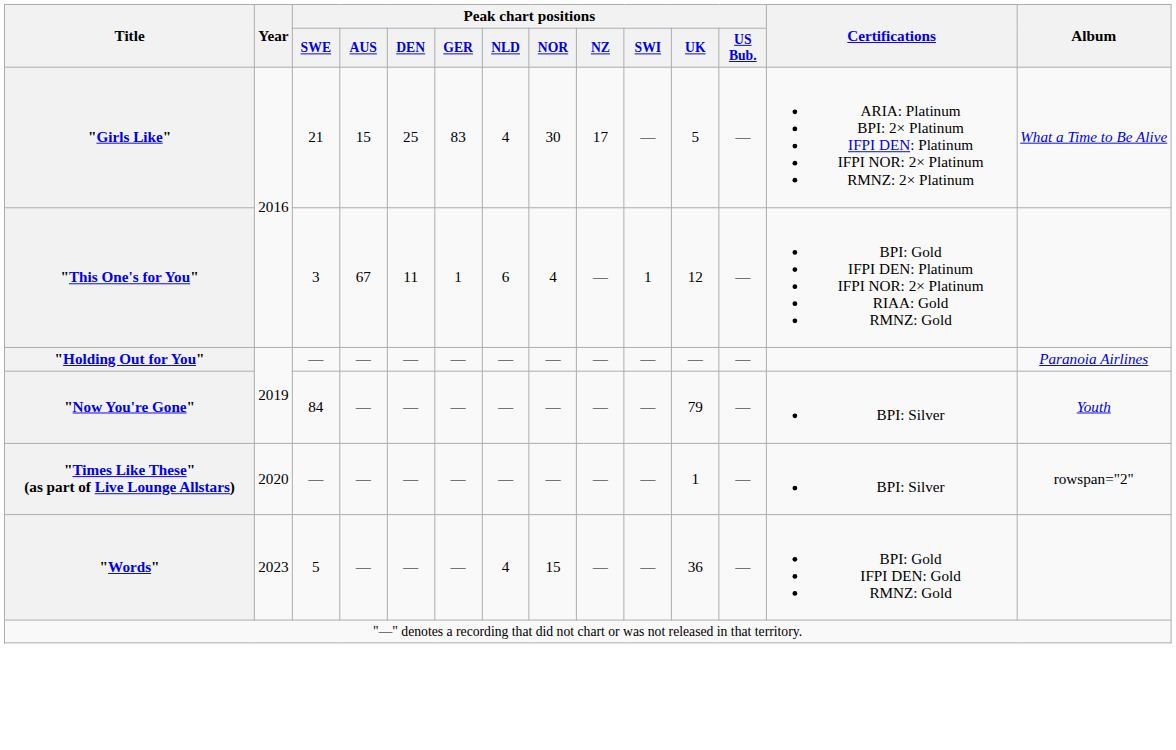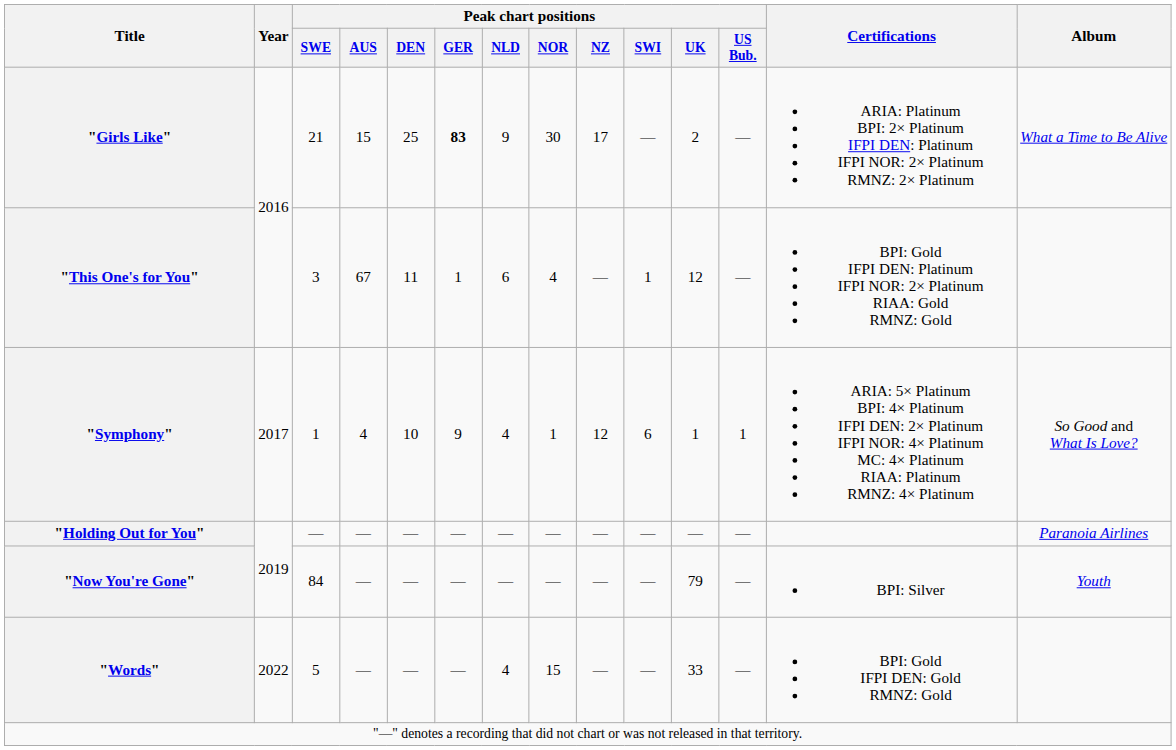 <table class="wikitable plainrowheaders" style="text-align:center;">
 <tr>
 <th scope="col" rowspan="2" style="width:16em;">Title</th>
 <th scope="col" rowspan="2" style="width:1em;">Year</th>
 <th scope="col" colspan="10">Peak chart positions</th>
 <th scope="col" rowspan="2"style="width:16em;"><a href='#'>Certifications</a></th>
 <th scope="col" rowspan="2">Album</th>
 </tr>
 <tr>
 <th scope="col" style="width:3em;font-size:90%;"><a href='#'>SWE</a><br></th>
 <th scope="col" style="width:3em;font-size:90%;"><a href='#'>AUS</a><br></th>
 <th scope="col" style="width:3em;font-size:90%;"><a href='#'>DEN</a><br></th>
 <th scope="col" style="width:3em;font-size:90%;"><a href='#'>GER</a><br></th>
 <th scope="col" style="width:3em;font-size:90%;"><a href='#'>NLD</a><br></th>
 <th scope="col" style="width:3em;font-size:90%;"><a href='#'>NOR</a><br></th>
 <th scope="col" style="width:3em;font-size:90%;"><a href='#'>NZ</a><br></th>
 <th scope="col" style="width:3em;font-size:90%;"><a href='#'>SWI</a><br></th>
 <th scope="col" style="width:3em;font-size:90%;"><a href='#'>UK</a><br></th>
 <th scope="col" style="width:3em;font-size:90%;"><a href='#'>US<br>Bub.</a><br></th>
 </tr>
 <tr>
 <th scope="row">"<a href='#'>Girls Like</a>" <br></th>
 <td rowspan="2">2016</td>
 <td>21</td>
 <td>15</td>
 <td>25</td>
-<td>83</td>
-<td>4</td>
+<td><strong>83</strong></td>
+<td>9</td>
 <td>30</td>
 <td>17</td>
 <td>—</td>
-<td>5</td>
+<td>2</td>
 <td>—</td>
 <td><br><ul><li>ARIA: Platinum</li><li>BPI: 2× Platinum</li><li><a href='#'>IFPI DEN</a>: Platinum</li><li>IFPI NOR: 2× Platinum</li><li>RMNZ: 2× Platinum</li></ul></td>
 <td><em><a href='#'>What a Time to Be Alive</a></em></td>
 </tr>
 <tr>
 <th scope="row">"<a href='#'>This One's for You</a>" <br></th>
 <td>3</td>
 <td>67</td>
 <td>11</td>
 <td>1</td>
 <td>6</td>
 <td>4</td>
 <td>—</td>
 <td>1</td>
 <td>12</td>
 <td>—</td>
 <td><br><ul><li>BPI: Gold</li><li>IFPI DEN: Platinum</li><li>IFPI NOR: 2× Platinum</li><li>RIAA: Gold</li><li>RMNZ: Gold</li></ul></td>
 <td></td>
+</tr>
+<tr>
+<th scope="row">"<a href='#'>Symphony</a>"<br></th>
+<td>2017</td>
+<td>1</td>
+<td>4</td>
+<td>10</td>
+<td>9</td>
+<td>4</td>
+<td>1</td>
+<td>12</td>
+<td>6</td>
+<td>1</td>
+<td>1</td>
+<td><br><ul><li>ARIA: 5× Platinum</li><li>BPI: 4× Platinum</li><li>IFPI DEN: 2× Platinum</li><li>IFPI NOR: 4× Platinum</li><li>MC: 4× Platinum</li><li>RIAA: Platinum</li><li>RMNZ: 4× Platinum</li></ul></td>
+<td><em>So Good</em> and<br><em><a href='#'>What Is Love?</a></em></td>
 </tr>
 <tr>
 <th scope="row">"<a href='#'>Holding Out for You</a>"<br></th>
 <td rowspan="2">2019</td>
 <td>—</td>
 <td>—</td>
 <td>—</td>
 <td>—</td>
 <td>—</td>
 <td>—</td>
 <td>—</td>
 <td>—</td>
 <td>—</td>
 <td>—</td>
 <td></td>
 <td><em><a href='#'>Paranoia Airlines</a></em></td>
 </tr>
 <tr>
 <th scope="row">"<a href='#'>Now You're Gone</a>"<br></th>
 <td>84</td>
 <td>—</td>
 <td>—</td>
 <td>—</td>
 <td>—</td>
 <td>—</td>
 <td>—</td>
 <td>—</td>
 <td>79</td>
 <td>—</td>
 <td><br><ul><li>BPI: Silver</li></ul></td>
 <td><em><a href='#'>Youth</a></em></td>
 </tr>
 <tr>
-<th scope="row">"<a href='#'>Times Like These</a>"<br><span>(as part of <a href='#'>Live Lounge Allstars</a>)</span></th>
-<td>2020</td>
-<td>—</td>
-<td>—</td>
-<td>—</td>
-<td>—</td>
-<td>—</td>
-<td>—</td>
-<td>—</td>
-<td>—</td>
-<td>1</td>
-<td>—</td>
-<td><br><ul><li>BPI: Silver</li></ul></td>
-<td>rowspan="2" </td>
-</tr>
-<tr>
 <th scope="row">"<a href='#'>Words</a>"<br></th>
-<td>2023</td>
+<td>2022</td>
 <td>5</td>
 <td>―</td>
 <td>—</td>
 <td>―</td>
 <td>4</td>
 <td>15</td>
 <td>―</td>
 <td>―</td>
-<td>36</td>
+<td>33</td>
 <td>―</td>
 <td><br><ul><li>BPI: Gold</li><li>IFPI DEN: Gold</li><li>RMNZ: Gold</li></ul></td>
 </tr>
 <tr>
 <td colspan="14" style="font-size:90%">"—" denotes a recording that did not chart or was not released in that territory.</td>
 </tr>
 </table>
